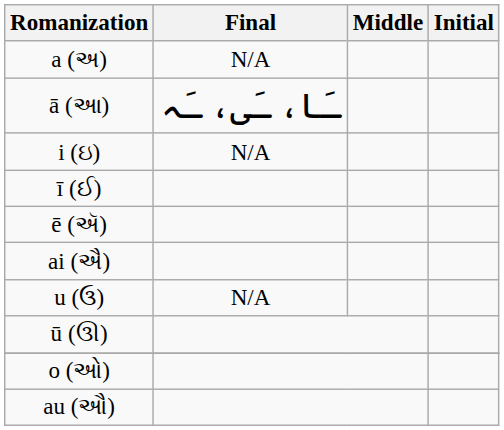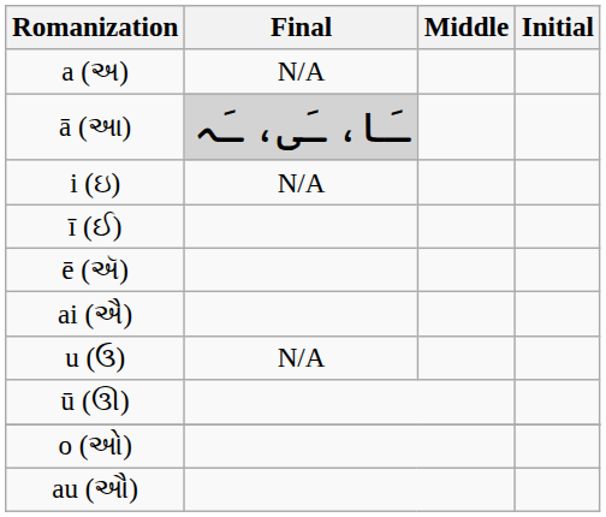 <table class="wikitable" style="text-align: center;">
 <tr>
 <th>Romanization</th>
 <th colspan="2">Final</th>
 <th>Middle</th>
 <th>Initial</th>
 </tr>
 <tr>
 <td>a (અ)</td>
 <td colspan="2">N/A</td>
 <td style="font-size: 150%"></td>
 <td style="font-size: 150%"></td>
 </tr>
 <tr>
 <td>ā (આ)</td>
-<td style="font-size: 150%">ـَا، ـَی، ـَہ</td>
+<td style="background: lightgrey; font-size: 150%">ـَا، ـَی، ـَہ</td>
 <td colspan="2"></td>
 <td style="font-size: 150%"></td>
 </tr>
 <tr>
 <td>i (ઇ)</td>
 <td colspan="2">N/A</td>
 <td style="font-size: 150%"></td>
 <td style="font-size: 150%"></td>
 </tr>
 <tr>
 <td>ī (ઈ)</td>
 <td colspan="2" style="font-size: 150%"></td>
 <td style="font-size: 150%"></td>
 <td style="font-size: 150%"></td>
 </tr>
 <tr>
 <td>ē (ઍ)</td>
 <td colspan="2" style="font-size: 150%"></td>
 <td style="font-size: 150%"></td>
 <td style="font-size: 150%"></td>
 </tr>
 <tr>
 <td>ai (ઐ)</td>
 <td colspan="2" style="font-size: 150%"></td>
 <td style="font-size: 150%"></td>
 <td style="font-size: 150%"></td>
 </tr>
 <tr>
 <td>u (ઉ)</td>
 <td colspan="2">N/A</td>
 <td style="font-size: 150%"></td>
 <td style="font-size: 150%"></td>
 </tr>
 <tr>
 <td>ū (ઊ)</td>
 <td colspan="3" style="font-size: 150%"></td>
 <td style="font-size: 150%"></td>
 </tr>
 <tr>
 </tr>
 <tr>
 <td>o (ઓ)</td>
 <td colspan="3" style="font-size: 150%"></td>
 <td style="font-size: 150%"></td>
 </tr>
 <tr>
 <td>au (ઔ)</td>
 <td colspan="3" style="font-size: 150%"></td>
 <td style="font-size: 150%"></td>
 </tr>
 </table>
